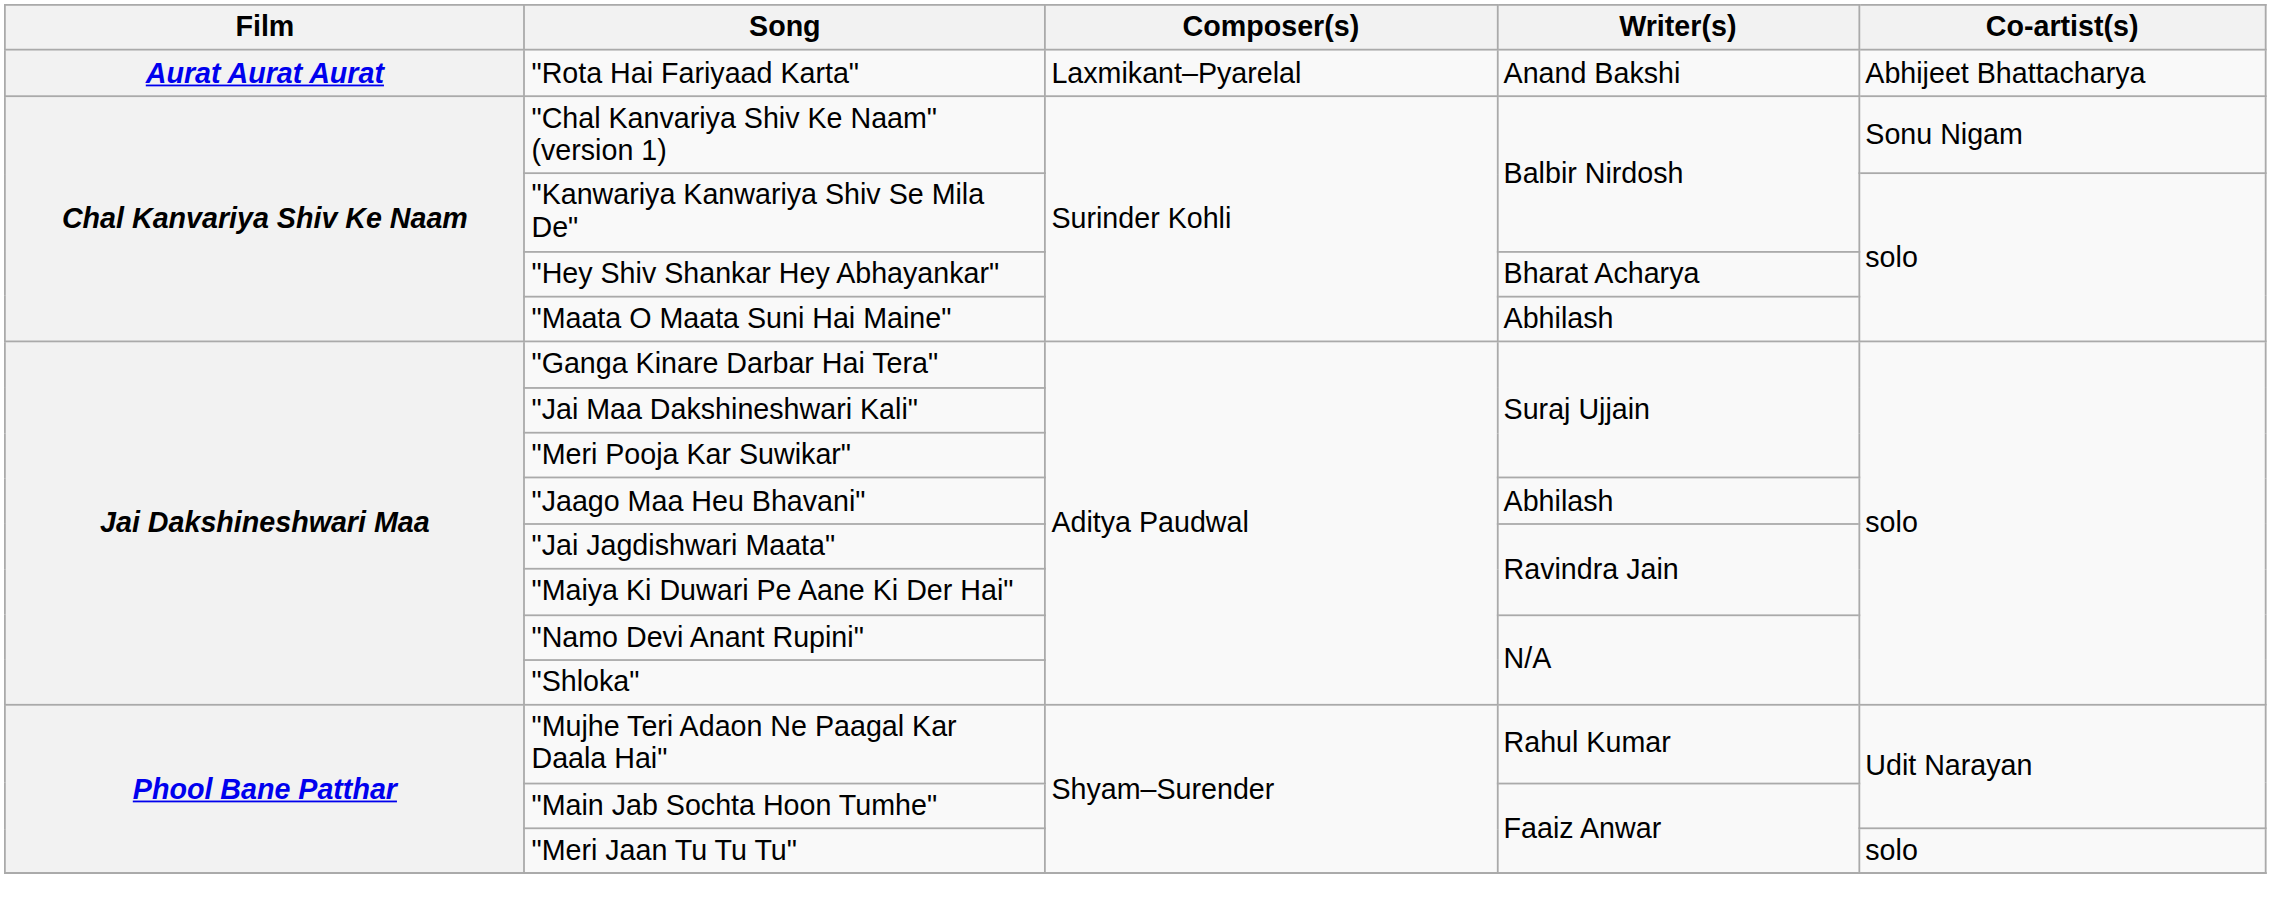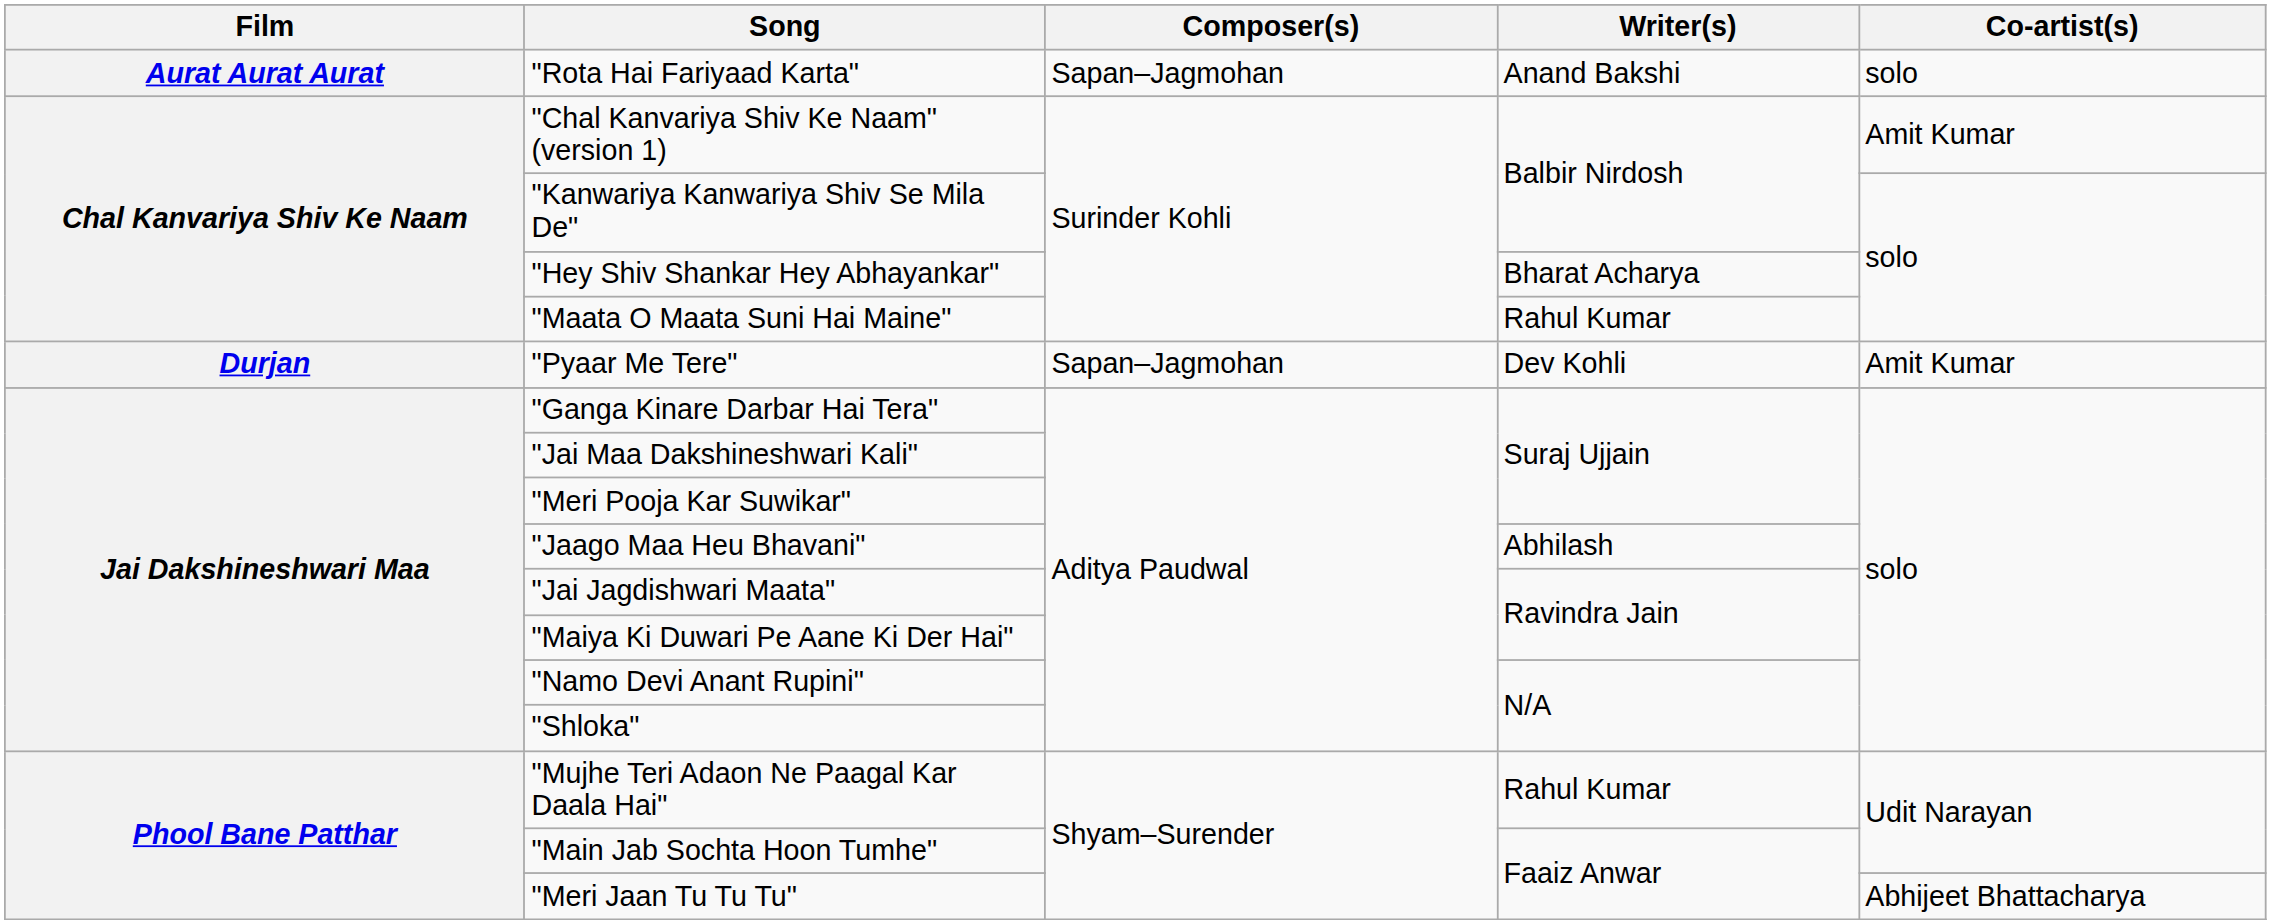 <table class="wikitable plainrowheaders" style="width:100%; textcolor:#000">
 <tr style="background:#b0e0e66;">
 <th scope="col" style="width:23%;"><strong>Film</strong></th>
 <th scope="col" style="width:23%;"><strong>Song</strong></th>
 <th scope="col" style="width:20%;"><strong>Composer(s)</strong></th>
 <th scope="col" style="width:16%;"><strong>Writer(s)</strong></th>
 <th scope="col" style="width:18%;"><strong>Co-artist(s)</strong></th>
 </tr>
 <tr>
 <th><em><a href='#'>Aurat Aurat Aurat</a></em></th>
 <td>"Rota Hai Fariyaad Karta"</td>
-<td>Laxmikant–Pyarelal</td>
+<td>Sapan–Jagmohan</td>
 <td>Anand Bakshi</td>
-<td>Abhijeet Bhattacharya</td>
+<td>solo</td>
 </tr>
 <tr>
 <th rowspan=4><em>Chal Kanvariya Shiv Ke Naam</em></th>
 <td>"Chal Kanvariya Shiv Ke Naam" (version 1)</td>
 <td rowspan=4>Surinder Kohli</td>
 <td rowspan=2>Balbir Nirdosh</td>
-<td>Sonu Nigam</td>
+<td>Amit Kumar</td>
 </tr>
 <tr>
 <td>"Kanwariya Kanwariya Shiv Se Mila De"</td>
 <td rowspan=3>solo</td>
 </tr>
 <tr>
 <td>"Hey Shiv Shankar Hey Abhayankar"</td>
 <td>Bharat Acharya</td>
 </tr>
 <tr>
 <td>"Maata O Maata Suni Hai Maine"</td>
-<td>Abhilash</td>
+<td>Rahul Kumar</td>
+</tr>
+<tr>
+<th><em><a href='#'>Durjan</a></em></th>
+<td>"Pyaar Me Tere"</td>
+<td>Sapan–Jagmohan</td>
+<td>Dev Kohli</td>
+<td>Amit Kumar</td>
 </tr>
 <tr>
 <th Rowspan=8><em>Jai Dakshineshwari Maa</em></th>
 <td>"Ganga Kinare Darbar Hai Tera"</td>
 <td rowspan=8>Aditya Paudwal</td>
 <td rowspan=3>Suraj Ujjain</td>
 <td Rowspan=8>solo</td>
 </tr>
 <tr>
 <td>"Jai Maa Dakshineshwari Kali"</td>
 </tr>
 <tr>
 <td>"Meri Pooja Kar Suwikar"</td>
 </tr>
 <tr>
 <td>"Jaago Maa Heu Bhavani"</td>
 <td>Abhilash</td>
 </tr>
 <tr>
 <td>"Jai Jagdishwari Maata"</td>
 <td Rowspan=2>Ravindra Jain</td>
 </tr>
 <tr>
 <td>"Maiya Ki Duwari Pe Aane Ki Der Hai"</td>
 </tr>
 <tr>
 <td>"Namo Devi Anant Rupini"</td>
 <td rowspan=2>N/A</td>
 </tr>
 <tr>
 <td>"Shloka"</td>
 </tr>
 <tr>
 <th Rowspan=3><em><a href='#'>Phool Bane Patthar</a></em></th>
 <td>"Mujhe Teri Adaon Ne Paagal Kar Daala Hai"</td>
 <td rowspan=3>Shyam–Surender</td>
 <td>Rahul Kumar</td>
 <td rowspan=2>Udit Narayan</td>
 </tr>
 <tr>
 <td>"Main Jab Sochta Hoon Tumhe"</td>
 <td rowspan=2>Faaiz Anwar</td>
 </tr>
 <tr>
 <td>"Meri Jaan Tu Tu Tu"</td>
-<td>solo</td>
+<td>Abhijeet Bhattacharya</td>
 </tr>
 <tr>
 </tr>
 </table>
